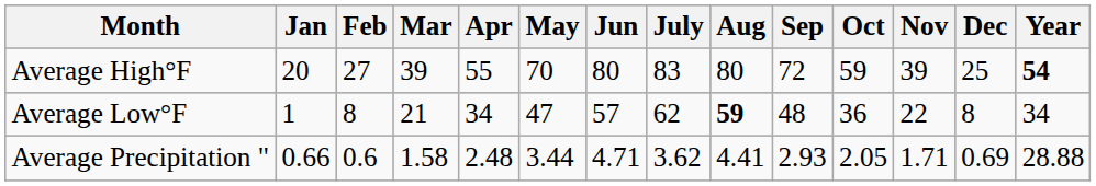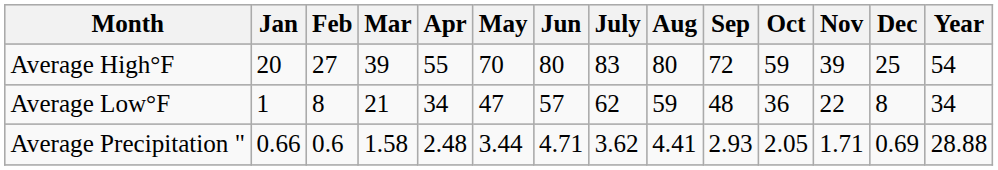 <table class="wikitable">
 <tr>
 <th>Month</th>
 <th>Jan</th>
 <th>Feb</th>
 <th>Mar</th>
 <th>Apr</th>
 <th>May</th>
 <th>Jun</th>
 <th>July</th>
 <th>Aug</th>
 <th>Sep</th>
 <th>Oct</th>
 <th>Nov</th>
 <th>Dec</th>
 <th>Year</th>
 </tr>
 <tr>
 <td>Average High°F</td>
 <td>20</td>
 <td>27</td>
 <td>39</td>
 <td>55</td>
 <td>70</td>
 <td>80</td>
 <td>83</td>
 <td>80</td>
 <td>72</td>
 <td>59</td>
 <td>39</td>
 <td>25</td>
-<td><strong>54</strong></td>
+<td>54</td>
 </tr>
 <tr>
 <td>Average Low°F</td>
 <td>1</td>
 <td>8</td>
 <td>21</td>
 <td>34</td>
 <td>47</td>
 <td>57</td>
 <td>62</td>
-<td><strong>59</strong></td>
+<td>59</td>
 <td>48</td>
 <td>36</td>
 <td>22</td>
 <td>8</td>
 <td>34</td>
 </tr>
 <tr>
 <td>Average Precipitation "</td>
 <td>0.66</td>
 <td>0.6</td>
 <td>1.58</td>
 <td>2.48</td>
 <td>3.44</td>
 <td>4.71</td>
 <td>3.62</td>
 <td>4.41</td>
 <td>2.93</td>
 <td>2.05</td>
 <td>1.71</td>
 <td>0.69</td>
 <td>28.88</td>
 </tr>
 </table>
